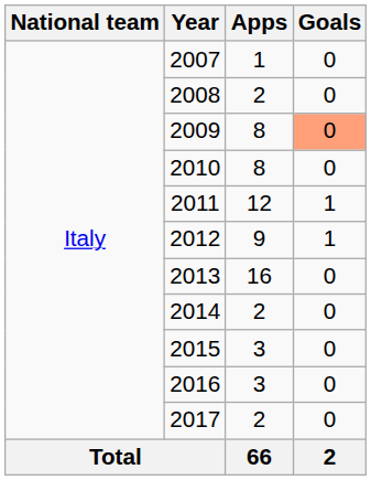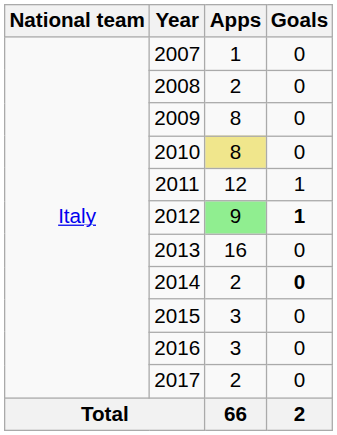 <table class="wikitable" style="text-align:center">
 <tr>
 <th>National team</th>
 <th>Year</th>
 <th>Apps</th>
 <th>Goals</th>
 </tr>
 <tr>
 <td rowspan="11"><a href='#'>Italy</a></td>
 <td>2007</td>
 <td>1</td>
 <td>0</td>
 </tr>
 <tr>
 <td>2008</td>
 <td>2</td>
 <td>0</td>
 </tr>
 <tr>
 <td>2009</td>
 <td>8</td>
-<td style="background: lightsalmon;">0</td>
+<td>0</td>
 </tr>
 <tr>
 <td>2010</td>
-<td>8</td>
+<td style="background: khaki;">8</td>
 <td>0</td>
 </tr>
 <tr>
 <td>2011</td>
 <td>12</td>
 <td>1</td>
 </tr>
 <tr>
 <td>2012</td>
-<td>9</td>
-<td>1</td>
+<td style="background: lightgreen;">9</td>
+<td><strong>1</strong></td>
 </tr>
 <tr>
 <td>2013</td>
 <td>16</td>
 <td>0</td>
 </tr>
 <tr>
 <td>2014</td>
 <td>2</td>
-<td>0</td>
+<td><strong>0</strong></td>
 </tr>
 <tr>
 <td>2015</td>
 <td>3</td>
 <td>0</td>
 </tr>
 <tr>
 <td>2016</td>
 <td>3</td>
 <td>0</td>
 </tr>
 <tr>
 <td>2017</td>
 <td>2</td>
 <td>0</td>
 </tr>
 <tr>
 <th colspan="2">Total</th>
 <th>66</th>
 <th>2</th>
 </tr>
 </table>
